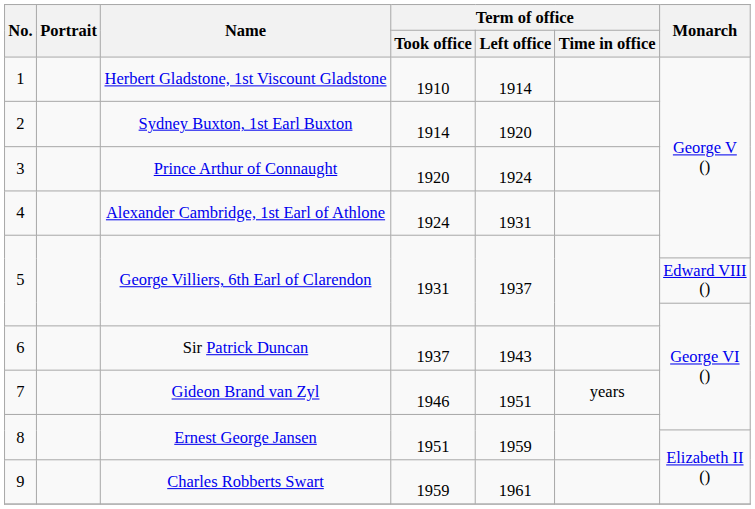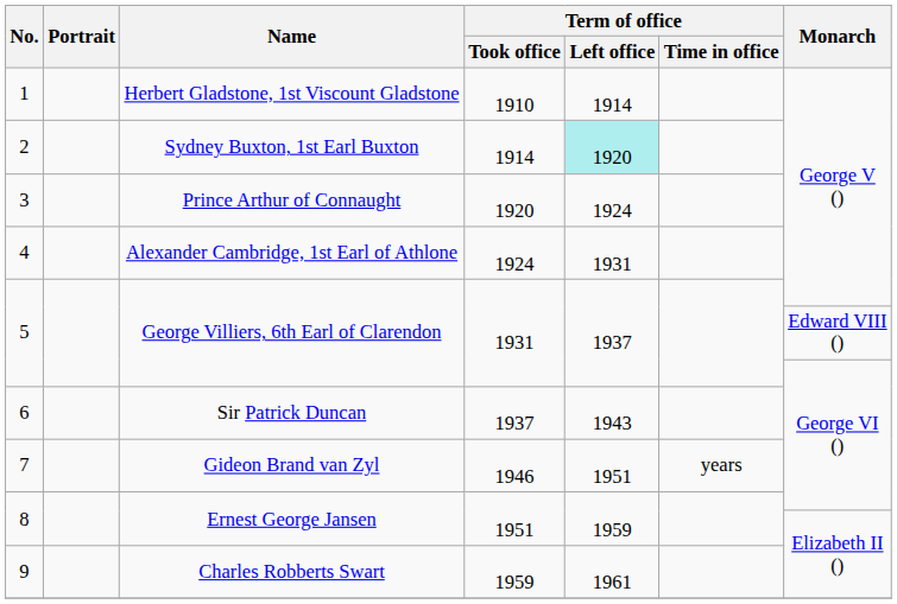 <table class="wikitable" style="text-align:center;">
 <tr>
 <th rowspan="2">No.</th>
 <th rowspan="2">Portrait</th>
 <th rowspan="2">Name<br></th>
 <th colspan="3">Term of office</th>
 <th rowspan="2">Monarch</th>
 </tr>
 <tr>
 <th>Took office</th>
 <th>Left office</th>
 <th>Time in office</th>
 </tr>
 <tr>
 <td>1</td>
 <td></td>
 <td><a href='#'>Herbert Gladstone, 1st Viscount Gladstone</a><br></td>
 <td><br>1910</td>
 <td><br>1914</td>
 <td></td>
 <td rowspan="5"><a href='#'>George V</a> <br>()</td>
 </tr>
 <tr>
 <td>2</td>
 <td></td>
 <td><a href='#'>Sydney Buxton, 1st Earl Buxton</a><br></td>
 <td><br>1914</td>
-<td><br>1920</td>
+<td style="background: paleturquoise;"><br>1920</td>
 <td></td>
 </tr>
 <tr>
 <td>3</td>
 <td></td>
 <td><a href='#'>Prince Arthur of Connaught</a><br></td>
 <td><br>1920</td>
 <td><br>1924</td>
 <td></td>
 </tr>
 <tr>
 <td>4</td>
 <td></td>
 <td><a href='#'>Alexander Cambridge, 1st Earl of Athlone</a><br></td>
 <td><br>1924</td>
 <td><br>1931</td>
 <td></td>
 </tr>
 <tr style="height:3ex">
 <td rowspan="3">5</td>
 <td rowspan="3"></td>
 <td rowspan="3"><a href='#'>George Villiers, 6th Earl of Clarendon</a><br></td>
 <td rowspan="3"><br>1931</td>
 <td rowspan="3"><br>1937</td>
 <td rowspan="3"></td>
 </tr>
 <tr>
 <td><a href='#'>Edward VIII</a><br>()</td>
 </tr>
 <tr style="height:3ex">
 <td rowspan="4"><a href='#'>George VI</a><br>()</td>
 </tr>
 <tr>
 <td>6</td>
 <td></td>
 <td>Sir <a href='#'>Patrick Duncan</a><br></td>
 <td><br>1937</td>
 <td><br>1943</td>
 <td></td>
 </tr>
 <tr>
 <td>7</td>
 <td></td>
 <td><a href='#'>Gideon Brand van Zyl</a><br></td>
 <td><br>1946</td>
 <td><br>1951</td>
 <td> years</td>
 </tr>
 <tr style="height:2ex">
 <td rowspan="2">8</td>
 <td rowspan="2"></td>
 <td rowspan="2"><a href='#'>Ernest George Jansen</a><br></td>
 <td rowspan="2"><br>1951</td>
 <td rowspan="2"><br>1959</td>
 <td rowspan="2"></td>
 </tr>
 <tr>
 <td rowspan="2"><a href='#'>Elizabeth II</a><br>()</td>
 </tr>
 <tr>
 <td>9</td>
 <td></td>
 <td><a href='#'>Charles Robberts Swart</a><br></td>
 <td><br>1959</td>
 <td><br>1961</td>
 <td></td>
 </tr>
 <tr>
 </tr>
 </table>
